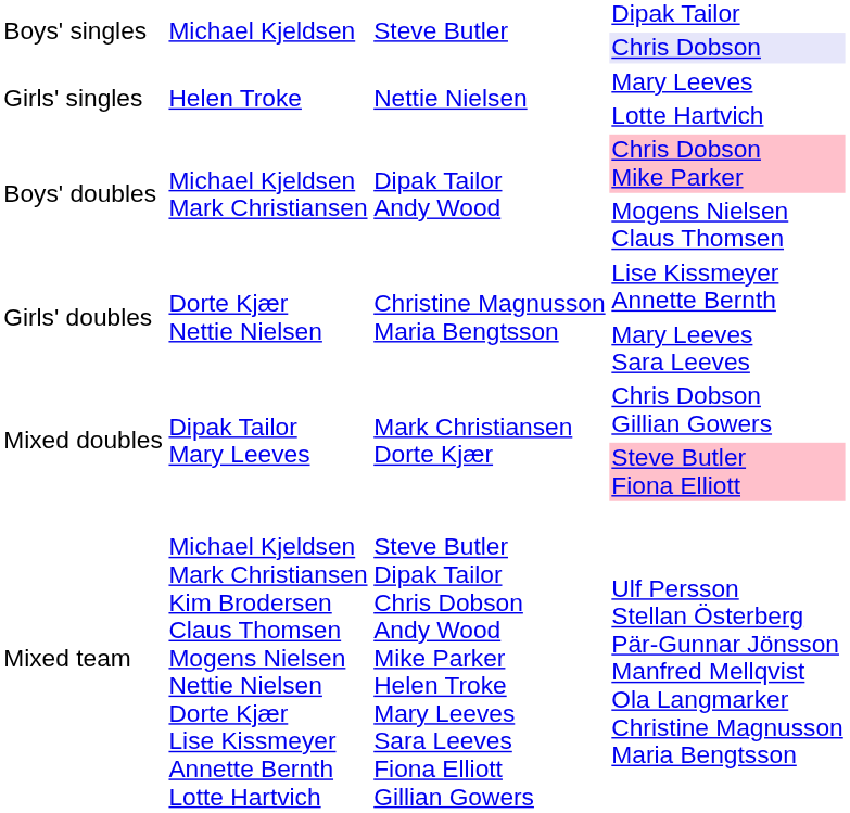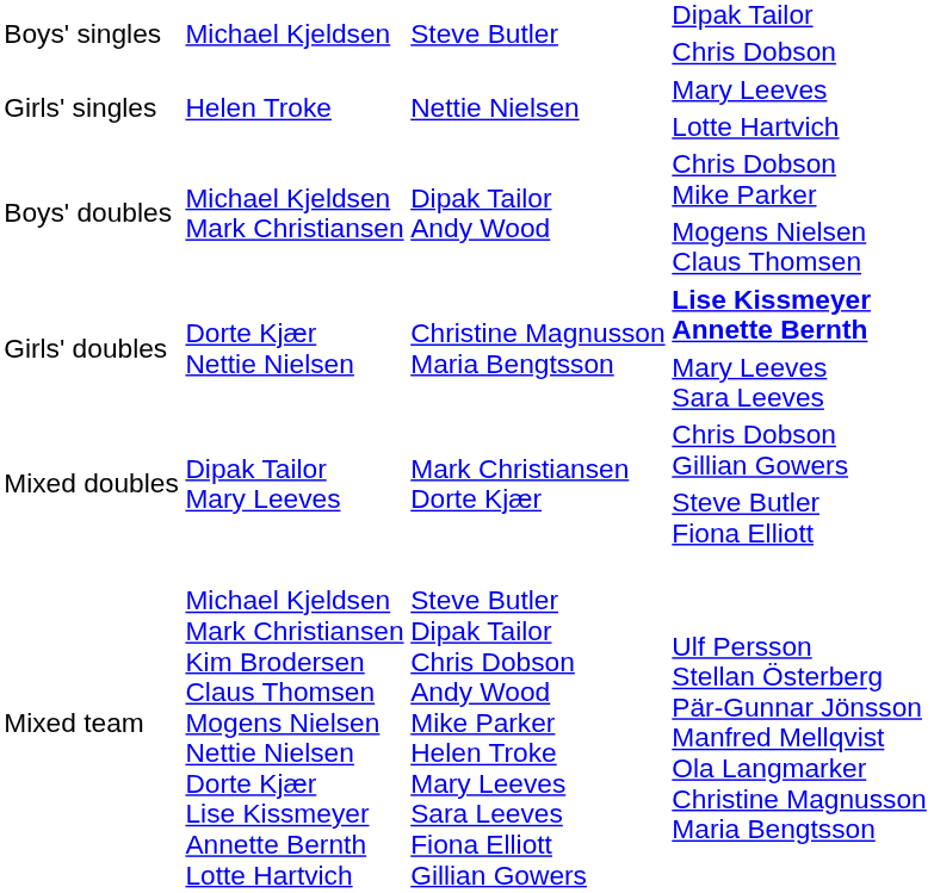 <table>
 <tr>
 <td rowspan=2>Boys' singles</td>
 <td rowspan=2> <a href='#'>Michael Kjeldsen</a></td>
 <td rowspan=2> <a href='#'>Steve Butler</a></td>
 <td> <a href='#'>Dipak Tailor</a></td>
 </tr>
 <tr>
-<td style="background: lavender;"> <a href='#'>Chris Dobson</a></td>
+<td> <a href='#'>Chris Dobson</a></td>
 </tr>
 <tr>
 <td rowspan=2>Girls' singles</td>
 <td rowspan=2> <a href='#'>Helen Troke</a></td>
 <td rowspan=2> <a href='#'>Nettie Nielsen</a></td>
 <td> <a href='#'>Mary Leeves</a></td>
 </tr>
 <tr>
 <td> <a href='#'>Lotte Hartvich</a></td>
 </tr>
 <tr>
 <td rowspan=2>Boys' doubles</td>
 <td rowspan=2> <a href='#'>Michael Kjeldsen</a> <br>  <a href='#'>Mark Christiansen</a></td>
 <td rowspan=2> <a href='#'>Dipak Tailor</a> <br>  <a href='#'>Andy Wood</a></td>
-<td style="background: pink;"> <a href='#'>Chris Dobson</a> <br>  <a href='#'>Mike Parker</a></td>
+<td> <a href='#'>Chris Dobson</a> <br>  <a href='#'>Mike Parker</a></td>
 </tr>
 <tr>
 <td> <a href='#'>Mogens Nielsen</a> <br>  <a href='#'>Claus Thomsen</a></td>
 </tr>
 <tr>
 <td rowspan=2>Girls' doubles</td>
 <td rowspan=2> <a href='#'>Dorte Kjær</a> <br>  <a href='#'>Nettie Nielsen</a></td>
 <td rowspan=2> <a href='#'>Christine Magnusson</a> <br>  <a href='#'>Maria Bengtsson</a></td>
-<td> <a href='#'>Lise Kissmeyer</a> <br>  <a href='#'>Annette Bernth</a></td>
+<td><strong> <a href='#'>Lise Kissmeyer</a> <br>  <a href='#'>Annette Bernth</a></strong></td>
 </tr>
 <tr>
 <td> <a href='#'>Mary Leeves</a> <br>  <a href='#'>Sara Leeves</a></td>
 </tr>
 <tr>
 <td rowspan=2>Mixed doubles</td>
 <td rowspan=2> <a href='#'>Dipak Tailor</a> <br>  <a href='#'>Mary Leeves</a></td>
 <td rowspan=2> <a href='#'>Mark Christiansen</a> <br>  <a href='#'>Dorte Kjær</a></td>
 <td> <a href='#'>Chris Dobson</a> <br>  <a href='#'>Gillian Gowers</a></td>
 </tr>
 <tr>
-<td style="background: pink;"> <a href='#'>Steve Butler</a> <br>  <a href='#'>Fiona Elliott</a></td>
+<td> <a href='#'>Steve Butler</a> <br>  <a href='#'>Fiona Elliott</a></td>
 </tr>
 <tr>
 <td>Mixed team</td>
 <td><br><a href='#'>Michael Kjeldsen</a><br><a href='#'>Mark Christiansen</a><br><a href='#'>Kim Brodersen</a><br><a href='#'>Claus Thomsen</a><br><a href='#'>Mogens Nielsen</a><br><a href='#'>Nettie Nielsen</a><br><a href='#'>Dorte Kjær</a><br><a href='#'>Lise Kissmeyer</a><br><a href='#'>Annette Bernth</a><br><a href='#'>Lotte Hartvich</a></td>
 <td><br><a href='#'>Steve Butler</a><br><a href='#'>Dipak Tailor</a><br><a href='#'>Chris Dobson</a><br><a href='#'>Andy Wood</a><br><a href='#'>Mike Parker</a><br><a href='#'>Helen Troke</a><br><a href='#'>Mary Leeves</a><br><a href='#'>Sara Leeves</a><br><a href='#'>Fiona Elliott</a><br><a href='#'>Gillian Gowers</a></td>
 <td><br><a href='#'>Ulf Persson</a><br><a href='#'>Stellan Österberg</a><br><a href='#'>Pär-Gunnar Jönsson</a><br><a href='#'>Manfred Mellqvist</a><br><a href='#'>Ola Langmarker</a><br><a href='#'>Christine Magnusson</a><br><a href='#'>Maria Bengtsson</a></td>
 </tr>
 </table>
